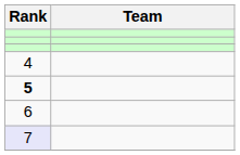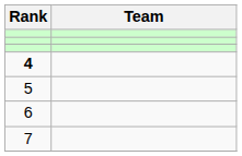 <table class="wikitable" style="text-align:center">
 <tr>
 <th width=40>Rank</th>
 <th width=180>Team</th>
 </tr>
 <tr bgcolor=#ccffcc>
 <td></td>
 <td style="text-align:left"></td>
 </tr>
 <tr bgcolor=#ccffcc>
 <td></td>
 <td style="text-align:left"></td>
 </tr>
 <tr bgcolor=#ccffcc>
 <td></td>
 <td style="text-align:left"></td>
 </tr>
 <tr>
-<td>4</td>
+<td><strong>4</strong></td>
 <td style="text-align:left"></td>
 </tr>
 <tr>
-<td><strong>5</strong></td>
+<td>5</td>
 <td style="text-align:left"></td>
 </tr>
 <tr>
 <td>6</td>
 <td style="text-align:left"></td>
 </tr>
 <tr>
-<td style="background: lavender;">7</td>
+<td>7</td>
 <td style="text-align:left"></td>
 </tr>
 <tr>
 </tr>
 </table>
